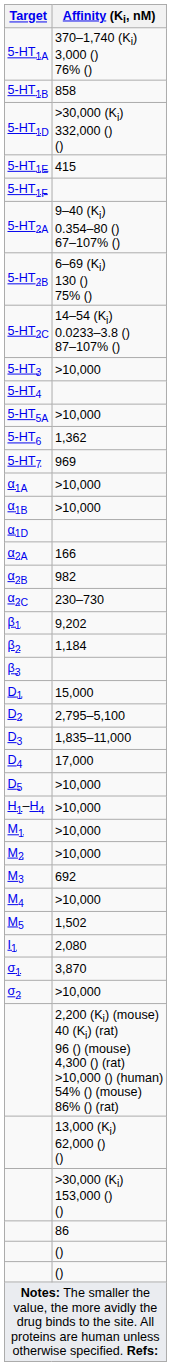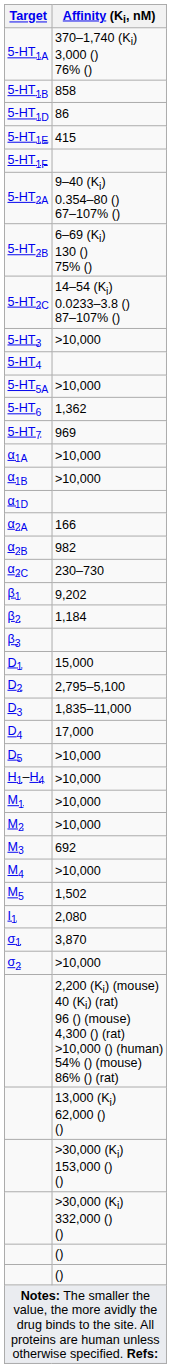 <table class="wikitable floatleft" style="font-size:small;">
 <tr>
 <th><a href='#'>Target</a></th>
 <th><a href='#'>Affinity</a> (K<sub>i</sub>, nM)</th>
 </tr>
 <tr>
 <td><a href='#'>5-HT<sub>1A</sub></a></td>
 <td>370–1,740 (K<sub>i</sub>)<br>3,000 ()<br>76% ()</td>
 </tr>
 <tr>
 <td><a href='#'>5-HT<sub>1B</sub></a></td>
 <td>858</td>
 </tr>
 <tr>
 <td><a href='#'>5-HT<sub>1D</sub></a></td>
-<td>>30,000 (K<sub>i</sub>)<br>332,000 ()<br> ()</td>
+<td>86</td>
 </tr>
 <tr>
 <td><a href='#'>5-HT<sub>1E</sub></a></td>
 <td>415</td>
 </tr>
 <tr>
 <td><a href='#'>5-HT<sub>1F</sub></a></td>
 <td></td>
 </tr>
 <tr>
 <td><a href='#'>5-HT<sub>2A</sub></a></td>
 <td>9–40 (K<sub>i</sub>)<br>0.354–80 ()<br>67–107% ()</td>
 </tr>
 <tr>
 <td><a href='#'>5-HT<sub>2B</sub></a></td>
 <td>6–69 (K<sub>i</sub>)<br>130 ()<br>75% ()</td>
 </tr>
 <tr>
 <td><a href='#'>5-HT<sub>2C</sub></a></td>
 <td>14–54 (K<sub>i</sub>)<br>0.0233–3.8 ()<br>87–107% ()</td>
 </tr>
 <tr>
 <td><a href='#'>5-HT<sub>3</sub></a></td>
 <td>>10,000</td>
 </tr>
 <tr>
 <td><a href='#'>5-HT<sub>4</sub></a></td>
 <td></td>
 </tr>
 <tr>
 <td><a href='#'>5-HT<sub>5A</sub></a></td>
 <td>>10,000</td>
 </tr>
 <tr>
 <td><a href='#'>5-HT<sub>6</sub></a></td>
 <td>1,362</td>
 </tr>
 <tr>
 <td><a href='#'>5-HT<sub>7</sub></a></td>
 <td>969</td>
 </tr>
 <tr>
 <td><a href='#'>α<sub>1A</sub></a></td>
 <td>>10,000</td>
 </tr>
 <tr>
 <td><a href='#'>α<sub>1B</sub></a></td>
 <td>>10,000</td>
 </tr>
 <tr>
 <td><a href='#'>α<sub>1D</sub></a></td>
 <td></td>
 </tr>
 <tr>
 <td><a href='#'>α<sub>2A</sub></a></td>
 <td>166</td>
 </tr>
 <tr>
 <td><a href='#'>α<sub>2B</sub></a></td>
 <td>982</td>
 </tr>
 <tr>
 <td><a href='#'>α<sub>2C</sub></a></td>
 <td>230–730</td>
 </tr>
 <tr>
 <td><a href='#'>β<sub>1</sub></a></td>
 <td>9,202</td>
 </tr>
 <tr>
 <td><a href='#'>β<sub>2</sub></a></td>
 <td>1,184</td>
 </tr>
 <tr>
 <td><a href='#'>β<sub>3</sub></a></td>
 <td></td>
 </tr>
 <tr>
 <td><a href='#'>D<sub>1</sub></a></td>
 <td>15,000</td>
 </tr>
 <tr>
 <td><a href='#'>D<sub>2</sub></a></td>
 <td>2,795–5,100</td>
 </tr>
 <tr>
 <td><a href='#'>D<sub>3</sub></a></td>
 <td>1,835–11,000</td>
 </tr>
 <tr>
 <td><a href='#'>D<sub>4</sub></a></td>
 <td>17,000</td>
 </tr>
 <tr>
 <td><a href='#'>D<sub>5</sub></a></td>
 <td>>10,000</td>
 </tr>
 <tr>
 <td><a href='#'>H<sub>1</sub></a>–<a href='#'>H<sub>4</sub></a></td>
 <td>>10,000</td>
 </tr>
 <tr>
 <td><a href='#'>M<sub>1</sub></a></td>
 <td>>10,000</td>
 </tr>
 <tr>
 <td><a href='#'>M<sub>2</sub></a></td>
 <td>>10,000</td>
 </tr>
 <tr>
 <td><a href='#'>M<sub>3</sub></a></td>
 <td>692</td>
 </tr>
 <tr>
 <td><a href='#'>M<sub>4</sub></a></td>
 <td>>10,000</td>
 </tr>
 <tr>
 <td><a href='#'>M<sub>5</sub></a></td>
 <td>1,502</td>
 </tr>
 <tr>
 <td><a href='#'>I<sub>1</sub></a></td>
 <td>2,080</td>
 </tr>
 <tr>
 <td><a href='#'>σ<sub>1</sub></a></td>
 <td>3,870</td>
 </tr>
 <tr>
 <td><a href='#'>σ<sub>2</sub></a></td>
 <td>>10,000</td>
 </tr>
 <tr>
 <td></td>
 <td>2,200 (K<sub>i</sub>) (mouse)<br>40 (K<sub>i</sub>) (rat)<br>96 () (mouse)<br>4,300 () (rat)<br>>10,000 () (human)<br>54% () (mouse)<br>86% () (rat)</td>
 </tr>
 <tr>
 <td></td>
 <td>13,000 (K<sub>i</sub>)<br>62,000 ()<br> ()</td>
 </tr>
 <tr>
 <td></td>
 <td>>30,000 (K<sub>i</sub>)<br>153,000 ()<br> ()</td>
 </tr>
 <tr>
 <td></td>
-<td>86</td>
+<td>>30,000 (K<sub>i</sub>)<br>332,000 ()<br> ()</td>
 </tr>
 <tr>
 <td></td>
 <td> ()</td>
 </tr>
 <tr>
 <td></td>
 <td> ()</td>
 </tr>
 <tr class="sortbottom">
 <td colspan="2" style="width: 1px; background-color:#eaecf0; text-align: center;"><strong>Notes:</strong> The smaller the value, the more avidly the drug binds to the site. All proteins are human unless otherwise specified. <strong>Refs:</strong> </td>
 </tr>
 </table>
